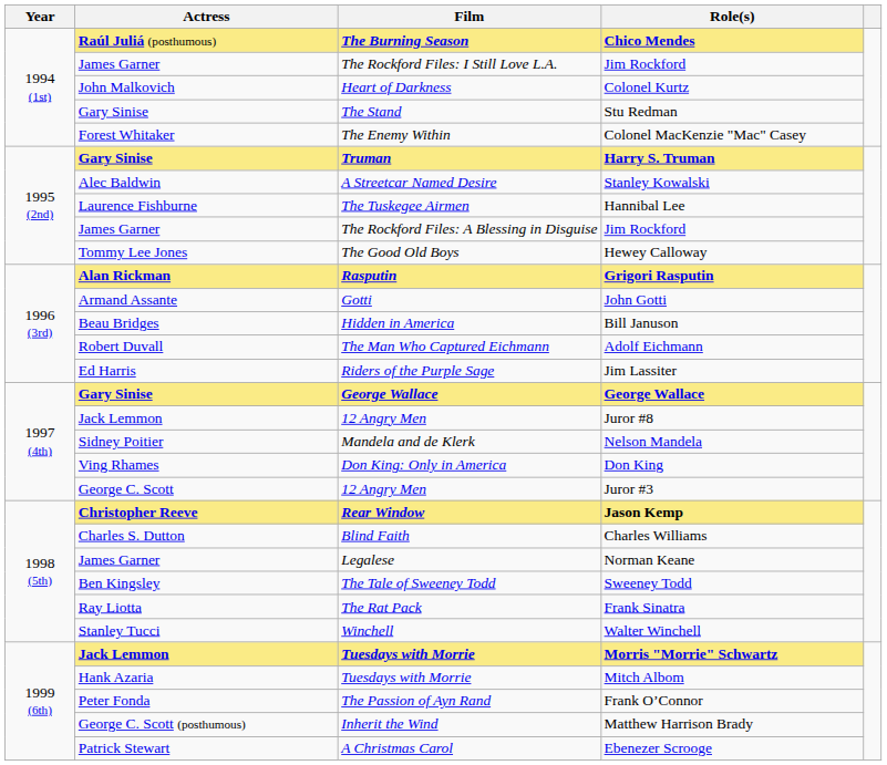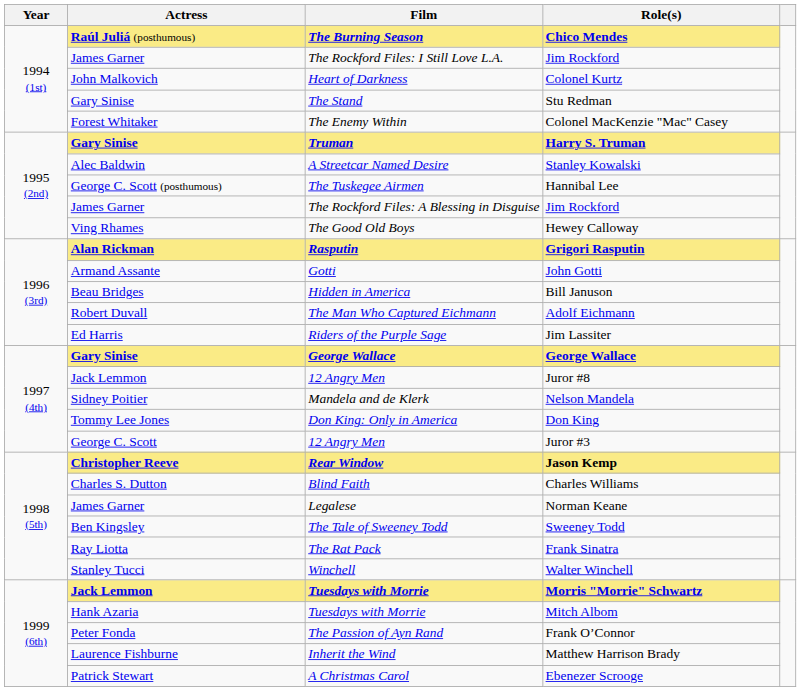 <table class="wikitable sortable" style="text-align:left;">
 <tr>
 <th scope="col" style="width:8%;">Year</th>
 <th scope="col" style="width:30%;">Actress</th>
 <th scope="col" style="width:30%;">Film</th>
 <th scope="col" style="width:30%;">Role(s)</th>
 <th class=unsortable><strong></strong></th>
 </tr>
 <tr>
 <td rowspan="5" align="center">1994<br><small><a href='#'>(1st)</a> </small></td>
 <td style="background:#FAEB86;"><strong><a href='#'>Raúl Juliá</a></strong> <small>(posthumous)</small></td>
 <td style="background:#FAEB86;"><strong><em><a href='#'>The Burning Season</a></em></strong></td>
 <td style="background:#FAEB86;"><strong><a href='#'>Chico Mendes</a></strong></td>
 <td rowspan=5></td>
 </tr>
 <tr>
 <td><a href='#'>James Garner</a></td>
 <td><em>The Rockford Files: I Still Love L.A.</em></td>
 <td><a href='#'>Jim Rockford</a></td>
 </tr>
 <tr>
 <td><a href='#'>John Malkovich</a></td>
 <td><em><a href='#'>Heart of Darkness</a></em></td>
 <td><a href='#'>Colonel Kurtz</a></td>
 </tr>
 <tr>
 <td><a href='#'>Gary Sinise</a></td>
 <td><em><a href='#'>The Stand</a></em></td>
 <td>Stu Redman</td>
 </tr>
 <tr>
 <td><a href='#'>Forest Whitaker</a></td>
 <td><em>The Enemy Within</em></td>
 <td>Colonel MacKenzie "Mac" Casey</td>
 </tr>
 <tr>
 <td rowspan="5" align="center">1995<br><small><a href='#'>(2nd)</a> </small></td>
 <td style="background:#FAEB86;"><strong><a href='#'>Gary Sinise</a></strong></td>
 <td style="background:#FAEB86;"><strong><em><a href='#'>Truman</a></em></strong></td>
 <td style="background:#FAEB86;"><strong><a href='#'>Harry S. Truman</a></strong></td>
 <td rowspan=5></td>
 </tr>
 <tr>
 <td><a href='#'>Alec Baldwin</a></td>
 <td><em><a href='#'>A Streetcar Named Desire</a></em></td>
 <td><a href='#'>Stanley Kowalski</a></td>
 </tr>
 <tr>
-<td><a href='#'>Laurence Fishburne</a></td>
+<td><a href='#'>George C. Scott</a> <small>(posthumous)</small></td>
 <td><em><a href='#'>The Tuskegee Airmen</a></em></td>
 <td>Hannibal Lee</td>
 </tr>
 <tr>
 <td><a href='#'>James Garner</a></td>
 <td><em>The Rockford Files: A Blessing in Disguise</em></td>
 <td><a href='#'>Jim Rockford</a></td>
 </tr>
 <tr>
-<td><a href='#'>Tommy Lee Jones</a></td>
+<td><a href='#'>Ving Rhames</a></td>
 <td><em>The Good Old Boys</em></td>
 <td>Hewey Calloway</td>
 </tr>
 <tr>
 <td rowspan="5" align="center">1996<br><small><a href='#'>(3rd)</a> </small></td>
 <td style="background:#FAEB86;"><strong><a href='#'>Alan Rickman</a></strong></td>
 <td style="background:#FAEB86;"><strong><em><a href='#'>Rasputin</a></em></strong></td>
 <td style="background:#FAEB86;"><strong><a href='#'>Grigori Rasputin</a></strong></td>
 <td rowspan=5></td>
 </tr>
 <tr>
 <td><a href='#'>Armand Assante</a></td>
 <td><em><a href='#'>Gotti</a></em></td>
 <td><a href='#'>John Gotti</a></td>
 </tr>
 <tr>
 <td><a href='#'>Beau Bridges</a></td>
 <td><em><a href='#'>Hidden in America</a></em></td>
 <td>Bill Januson</td>
 </tr>
 <tr>
 <td><a href='#'>Robert Duvall</a></td>
 <td><em><a href='#'>The Man Who Captured Eichmann</a></em></td>
 <td><a href='#'>Adolf Eichmann</a></td>
 </tr>
 <tr>
 <td><a href='#'>Ed Harris</a></td>
 <td><em><a href='#'>Riders of the Purple Sage</a></em></td>
 <td>Jim Lassiter</td>
 </tr>
 <tr>
 <td rowspan="5" align="center">1997<br><small><a href='#'>(4th)</a> </small></td>
 <td style="background:#FAEB86;"><strong><a href='#'>Gary Sinise</a></strong></td>
 <td style="background:#FAEB86;"><strong><em><a href='#'>George Wallace</a></em></strong></td>
 <td style="background:#FAEB86;"><strong><a href='#'>George Wallace</a></strong></td>
 <td rowspan=5></td>
 </tr>
 <tr>
 <td><a href='#'>Jack Lemmon</a></td>
 <td><em><a href='#'>12 Angry Men</a></em></td>
 <td>Juror #8</td>
 </tr>
 <tr>
 <td><a href='#'>Sidney Poitier</a></td>
 <td><em>Mandela and de Klerk</em></td>
 <td><a href='#'>Nelson Mandela</a></td>
 </tr>
 <tr>
-<td><a href='#'>Ving Rhames</a></td>
+<td><a href='#'>Tommy Lee Jones</a></td>
 <td><em><a href='#'>Don King: Only in America</a></em></td>
 <td><a href='#'>Don King</a></td>
 </tr>
 <tr>
 <td><a href='#'>George C. Scott</a></td>
 <td><em><a href='#'>12 Angry Men</a></em></td>
 <td>Juror #3</td>
 </tr>
 <tr>
 <td rowspan="6" align="center">1998<br><small><a href='#'>(5th)</a> </small></td>
 <td style="background:#FAEB86;"><strong><a href='#'>Christopher Reeve</a></strong></td>
 <td style="background:#FAEB86;"><strong><em><a href='#'>Rear Window</a></em></strong></td>
 <td style="background:#FAEB86;"><strong>Jason Kemp</strong></td>
 <td rowspan=6></td>
 </tr>
 <tr>
 <td><a href='#'>Charles S. Dutton</a></td>
 <td><em><a href='#'>Blind Faith</a></em></td>
 <td>Charles Williams</td>
 </tr>
 <tr>
 <td><a href='#'>James Garner</a></td>
 <td><em>Legalese</em></td>
 <td>Norman Keane</td>
 </tr>
 <tr>
 <td><a href='#'>Ben Kingsley</a></td>
 <td><em><a href='#'>The Tale of Sweeney Todd</a></em></td>
 <td><a href='#'>Sweeney Todd</a></td>
 </tr>
 <tr>
 <td><a href='#'>Ray Liotta</a></td>
 <td><em><a href='#'>The Rat Pack</a></em></td>
 <td><a href='#'>Frank Sinatra</a></td>
 </tr>
 <tr>
 <td><a href='#'>Stanley Tucci</a></td>
 <td><em><a href='#'>Winchell</a></em></td>
 <td><a href='#'>Walter Winchell</a></td>
 </tr>
 <tr>
 <td rowspan="5" align="center">1999<br><small><a href='#'>(6th)</a> </small></td>
 <td style="background:#FAEB86;"><strong><a href='#'>Jack Lemmon</a></strong></td>
 <td style="background:#FAEB86;"><strong><em><a href='#'>Tuesdays with Morrie</a></em></strong></td>
 <td style="background:#FAEB86;"><strong><a href='#'>Morris "Morrie" Schwartz</a></strong></td>
 <td rowspan=5></td>
 </tr>
 <tr>
 <td><a href='#'>Hank Azaria</a></td>
 <td><em><a href='#'>Tuesdays with Morrie</a></em></td>
 <td><a href='#'>Mitch Albom</a></td>
 </tr>
 <tr>
 <td><a href='#'>Peter Fonda</a></td>
 <td><em><a href='#'>The Passion of Ayn Rand</a></em></td>
 <td>Frank O’Connor</td>
 </tr>
 <tr>
-<td><a href='#'>George C. Scott</a> <small>(posthumous)</small></td>
+<td><a href='#'>Laurence Fishburne</a></td>
 <td><em><a href='#'>Inherit the Wind</a></em></td>
 <td>Matthew Harrison Brady</td>
 </tr>
 <tr>
 <td><a href='#'>Patrick Stewart</a></td>
 <td><em><a href='#'>A Christmas Carol</a></em></td>
 <td><a href='#'>Ebenezer Scrooge</a></td>
 </tr>
 </table>
